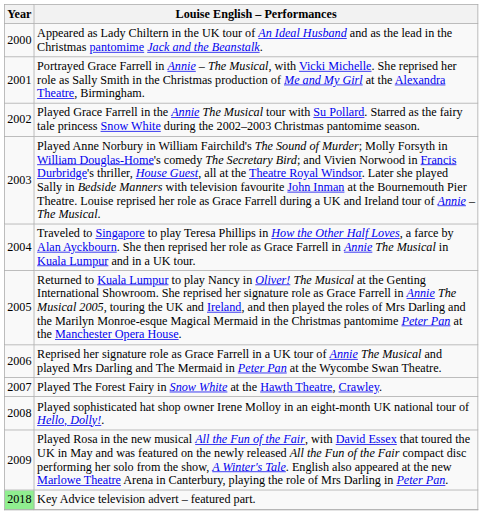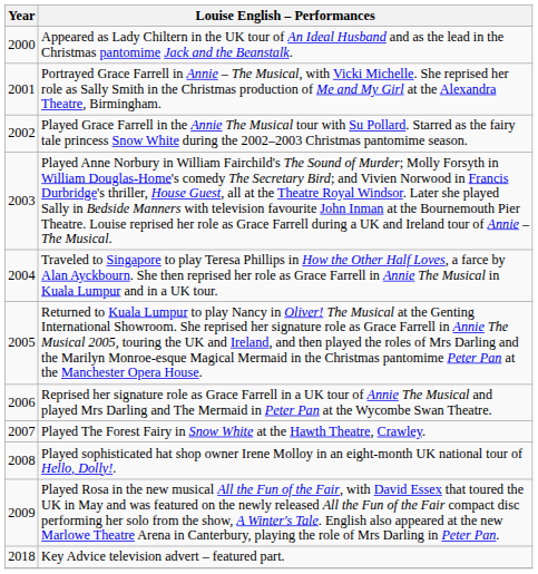 <table class="wikitable" style="width:100%">
 <tr>
 <th>Year</th>
 <th>Louise English – Performances</th>
 </tr>
 <tr>
 <td>2000</td>
 <td align="left">Appeared as Lady Chiltern in the UK tour of <em><a href='#'>An Ideal Husband</a></em> and as the lead in the Christmas <a href='#'>pantomime</a> <em><a href='#'>Jack and the Beanstalk</a></em>.</td>
 </tr>
 <tr>
 <td>2001</td>
 <td align="left">Portrayed Grace Farrell in <em><a href='#'>Annie</a> – The Musical</em>, with <a href='#'>Vicki Michelle</a>.  She reprised her role as Sally Smith in the Christmas production of <em><a href='#'>Me and My Girl</a></em> at the <a href='#'>Alexandra Theatre</a>, Birmingham.</td>
 </tr>
 <tr>
 <td>2002</td>
 <td align="left">Played Grace Farrell in the <em><a href='#'>Annie</a> The Musical</em> tour with <a href='#'>Su Pollard</a>.  Starred as the fairy tale princess <a href='#'>Snow White</a> during the 2002–2003 Christmas pantomime season.</td>
 </tr>
 <tr>
 <td>2003</td>
 <td align="left">Played Anne Norbury in William Fairchild's <em>The Sound of Murder</em>; Molly Forsyth in <a href='#'>William Douglas-Home</a>'s comedy <em>The Secretary Bird</em>; and Vivien Norwood in <a href='#'>Francis Durbridge</a>'s thriller, <em><a href='#'>House Guest</a></em>, all at the <a href='#'>Theatre Royal Windsor</a>.  Later she played Sally in <em>Bedside Manners</em> with television favourite <a href='#'>John Inman</a> at the Bournemouth Pier Theatre.  Louise reprised her role as Grace Farrell during a UK and Ireland tour of <em><a href='#'>Annie</a> – The Musical</em>.</td>
 </tr>
 <tr>
 <td>2004</td>
 <td align="left">Traveled to <a href='#'>Singapore</a> to play Teresa Phillips in <em><a href='#'>How the Other Half Loves</a></em>, a farce by <a href='#'>Alan Ayckbourn</a>.  She then reprised her role as Grace Farrell in <em><a href='#'>Annie</a> The Musical</em> in <a href='#'>Kuala Lumpur</a> and in a UK tour.</td>
 </tr>
 <tr>
 <td>2005</td>
 <td align="left">Returned to <a href='#'>Kuala Lumpur</a> to play Nancy in <em><a href='#'>Oliver!</a> The Musical</em> at the Genting International Showroom.  She reprised her signature role as Grace Farrell in <em><a href='#'>Annie</a> The Musical 2005</em>, touring the UK and <a href='#'>Ireland</a>, and then played the roles of Mrs Darling and the Marilyn Monroe-esque Magical Mermaid in the Christmas pantomime <em><a href='#'>Peter Pan</a></em> at the <a href='#'>Manchester Opera House</a>.</td>
 </tr>
 <tr>
 <td>2006</td>
 <td align="left">Reprised her signature role as Grace Farrell in a UK tour of <em><a href='#'>Annie</a> The Musical</em> and played Mrs Darling and The Mermaid in <em><a href='#'>Peter Pan</a></em> at the Wycombe Swan Theatre.</td>
 </tr>
 <tr>
 <td>2007</td>
 <td align="left">Played The Forest Fairy in <em><a href='#'>Snow White</a></em> at the <a href='#'>Hawth Theatre</a>, <a href='#'>Crawley</a>.</td>
 </tr>
 <tr>
 <td>2008</td>
 <td align="left">Played sophisticated hat shop owner Irene Molloy in an eight-month UK national tour of <a href='#'><em>Hello, Dolly!</em></a>.</td>
 </tr>
 <tr>
 <td>2009</td>
 <td align="left">Played Rosa in the new musical <em><a href='#'>All the Fun of the Fair</a></em>, with <a href='#'>David Essex</a> that toured the UK in May and was featured on the newly released <em>All the Fun of the Fair</em> compact disc performing her solo from the show, <em><a href='#'>A Winter's Tale</a></em>. English also appeared at the new <a href='#'>Marlowe Theatre</a> Arena in Canterbury, playing the role of Mrs Darling in <em><a href='#'>Peter Pan</a></em>.</td>
 </tr>
 <tr>
-<td style="background: lightgreen;">2018</td>
+<td>2018</td>
 <td align="left">Key Advice television advert – featured part.</td>
 </tr>
 <tr>
 </tr>
 </table>
